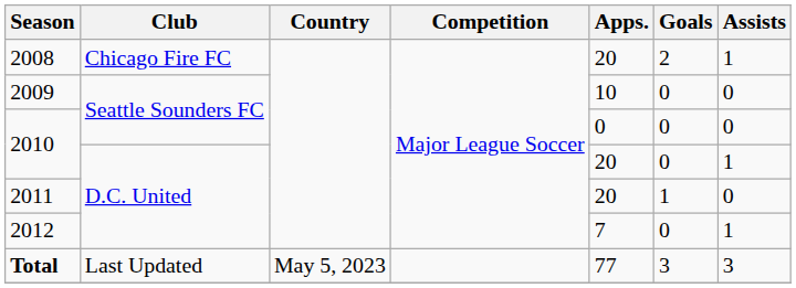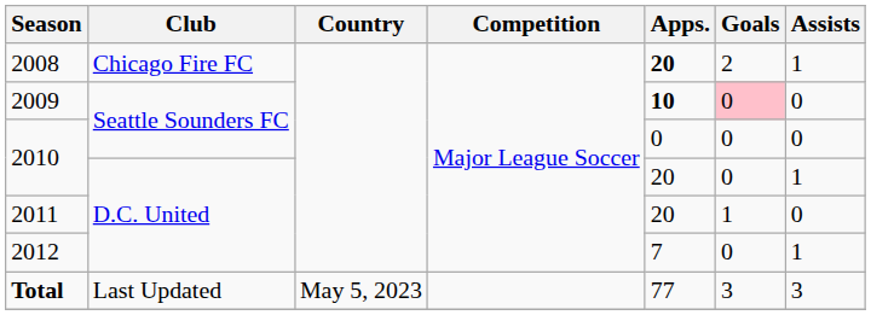 <table class="wikitable">
 <tr ---->
 <th>Season</th>
 <th>Club</th>
 <th>Country</th>
 <th>Competition</th>
 <th>Apps.</th>
 <th>Goals</th>
 <th>Assists</th>
 </tr>
 <tr ---->
 <td>2008</td>
 <td><a href='#'>Chicago Fire FC</a></td>
 <td rowspan="6"></td>
 <td rowspan="6"><a href='#'>Major League Soccer</a></td>
-<td>20</td>
+<td><strong>20</strong></td>
 <td>2</td>
 <td>1</td>
 </tr>
 <tr ---->
 <td>2009</td>
 <td rowspan="2"><a href='#'>Seattle Sounders FC</a></td>
-<td>10</td>
-<td>0</td>
+<td><strong>10</strong></td>
+<td style="background: pink;">0</td>
 <td>0</td>
 </tr>
 <tr ---->
 <td rowspan="2">2010</td>
 <td>0</td>
 <td>0</td>
 <td>0</td>
 </tr>
 <tr ---->
 <td rowspan="3"><a href='#'>D.C. United</a></td>
 <td>20</td>
 <td>0</td>
 <td>1</td>
 </tr>
 <tr ---->
 <td>2011</td>
 <td>20</td>
 <td>1</td>
 <td>0</td>
 </tr>
 <tr ---->
 <td>2012</td>
 <td>7</td>
 <td>0</td>
 <td>1</td>
 </tr>
 <tr ---->
 <td><strong>Total</strong></td>
 <td>Last Updated</td>
 <td>May 5, 2023</td>
 <td></td>
 <td>77</td>
 <td>3</td>
 <td>3</td>
 </tr>
 <tr ---->
 </tr>
 </table>
